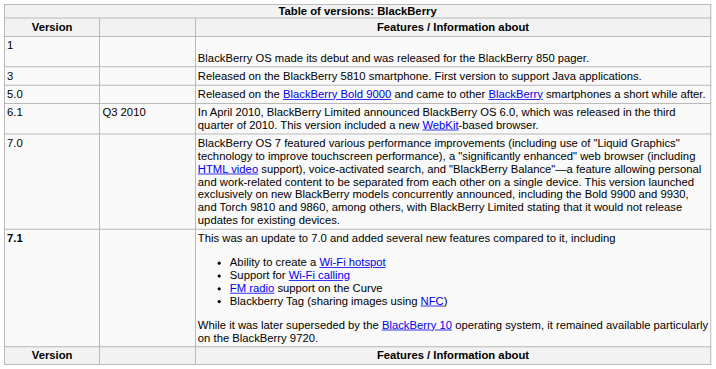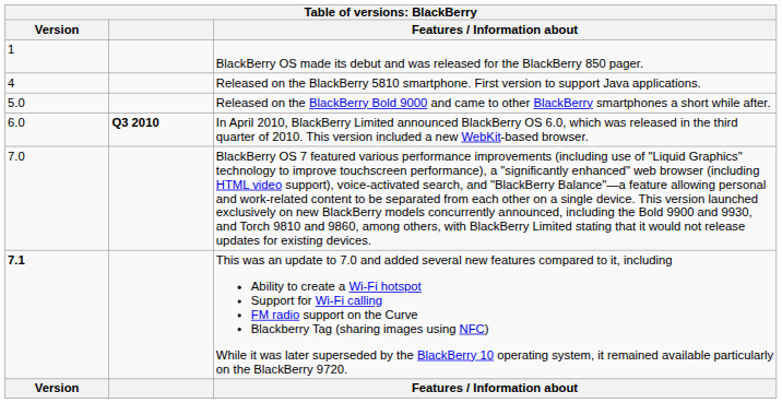 <table class="wikitable collapsible expand" style="width:100%; font-size:88%;">
 <tr>
 <th style="padding:0 0.5em;" colspan="5">Table of versions: BlackBerry</th>
 </tr>
 <tr>
 <th style="width:8em;">Version</th>
 <th style="width:8em;"></th>
 <th>Features / Information about</th>
 </tr>
 <tr valign="top">
 <td>1</td>
 <td></td>
 <td><br>BlackBerry OS made its debut and was released for the BlackBerry 850 pager.</td>
 </tr>
 <tr valign="top">
-<td>3</td>
+<td>4</td>
 <td></td>
 <td>Released on the BlackBerry 5810 smartphone. First version to support Java applications.</td>
 </tr>
 <tr valign="top">
 <td>5.0</td>
 <td></td>
 <td>Released on the <a href='#'>BlackBerry Bold 9000</a> and came to other <a href='#'>BlackBerry</a> smartphones a short while after.</td>
 </tr>
 <tr valign="top">
-<td>6.1</td>
-<td>Q3 2010</td>
+<td>6.0</td>
+<td><strong>Q3 2010</strong></td>
 <td>In April 2010, BlackBerry Limited announced BlackBerry OS 6.0, which was released in the third quarter of 2010. This version included a new <a href='#'>WebKit</a>-based browser.</td>
 </tr>
 <tr valign="top">
 <td>7.0</td>
 <td></td>
 <td>BlackBerry OS 7 featured various performance improvements (including use of "Liquid Graphics" technology to improve touchscreen performance), a "significantly enhanced" web browser (including <a href='#'>HTML video</a> support), voice-activated search, and "BlackBerry Balance"—a feature allowing personal and work-related content to be separated from each other on a single device. This version launched exclusively on new BlackBerry models concurrently announced, including the Bold 9900 and 9930, and Torch 9810 and 9860, among others, with BlackBerry Limited stating that it would not release updates for existing devices.</td>
 </tr>
 <tr valign="top">
 <td><strong>7.1</strong></td>
 <td></td>
 <td>This was an update to 7.0 and added several new features compared to it, including<br><ul><li>Ability to create a <a href='#'>Wi-Fi hotspot</a></li><li>Support for <a href='#'>Wi-Fi calling</a></li><li><a href='#'>FM radio</a> support on the Curve</li><li>Blackberry Tag (sharing images using <a href='#'>NFC</a>)</li></ul>While it was later superseded by the <a href='#'>BlackBerry 10</a> operating system, it remained available particularly on the BlackBerry 9720.</td>
 </tr>
 <tr class="sort bottom">
 <th style="width:8em;">Version</th>
 <th style="width:8em;"></th>
 <th>Features / Information about</th>
 </tr>
 </table>
